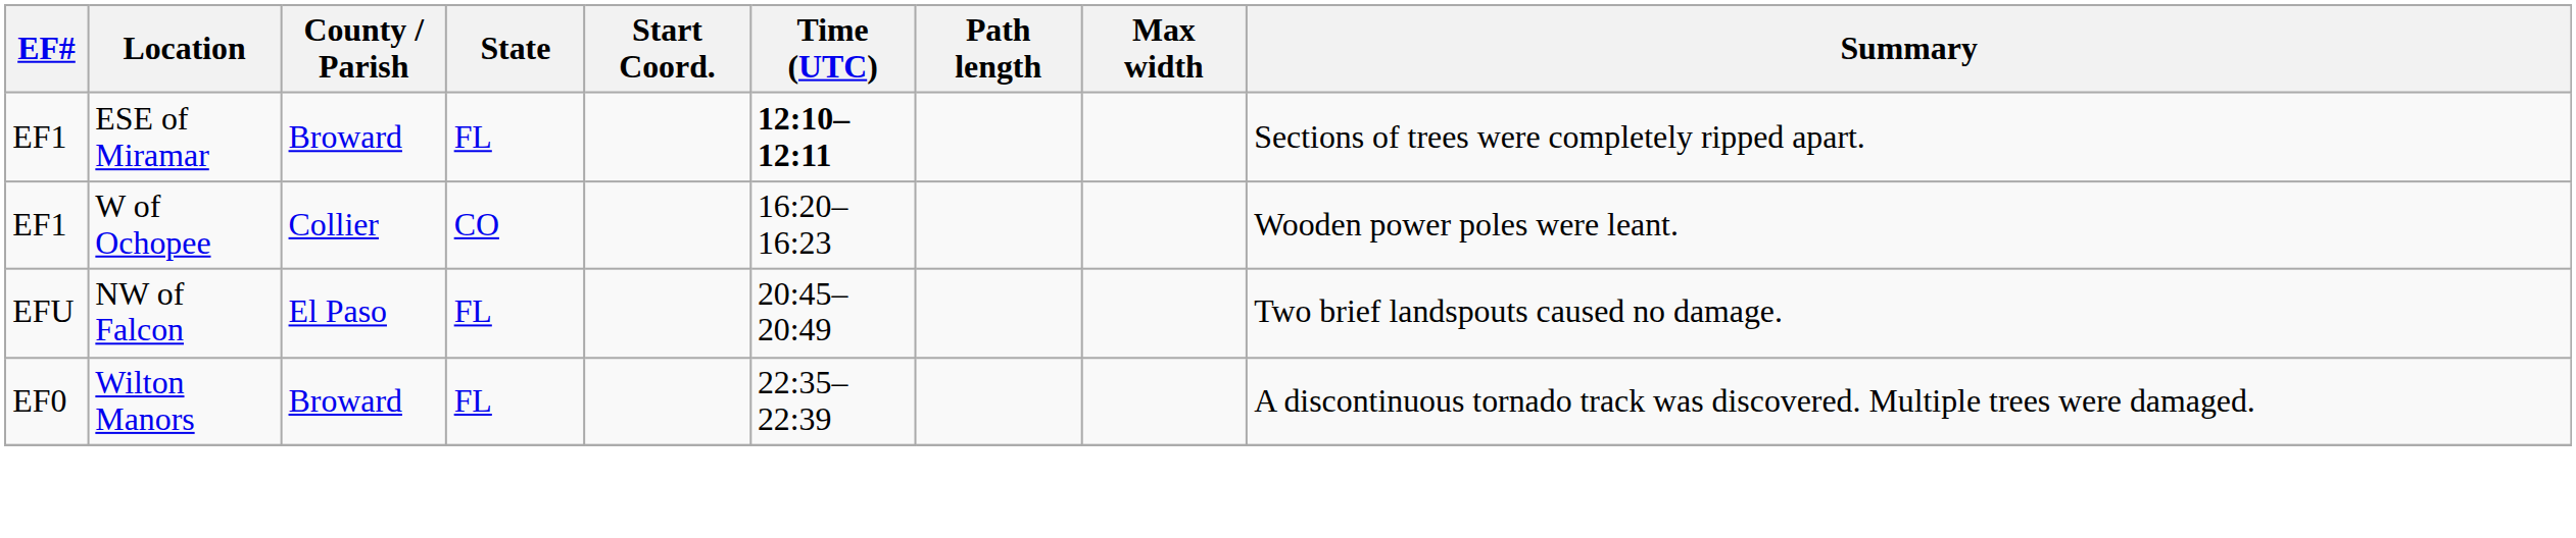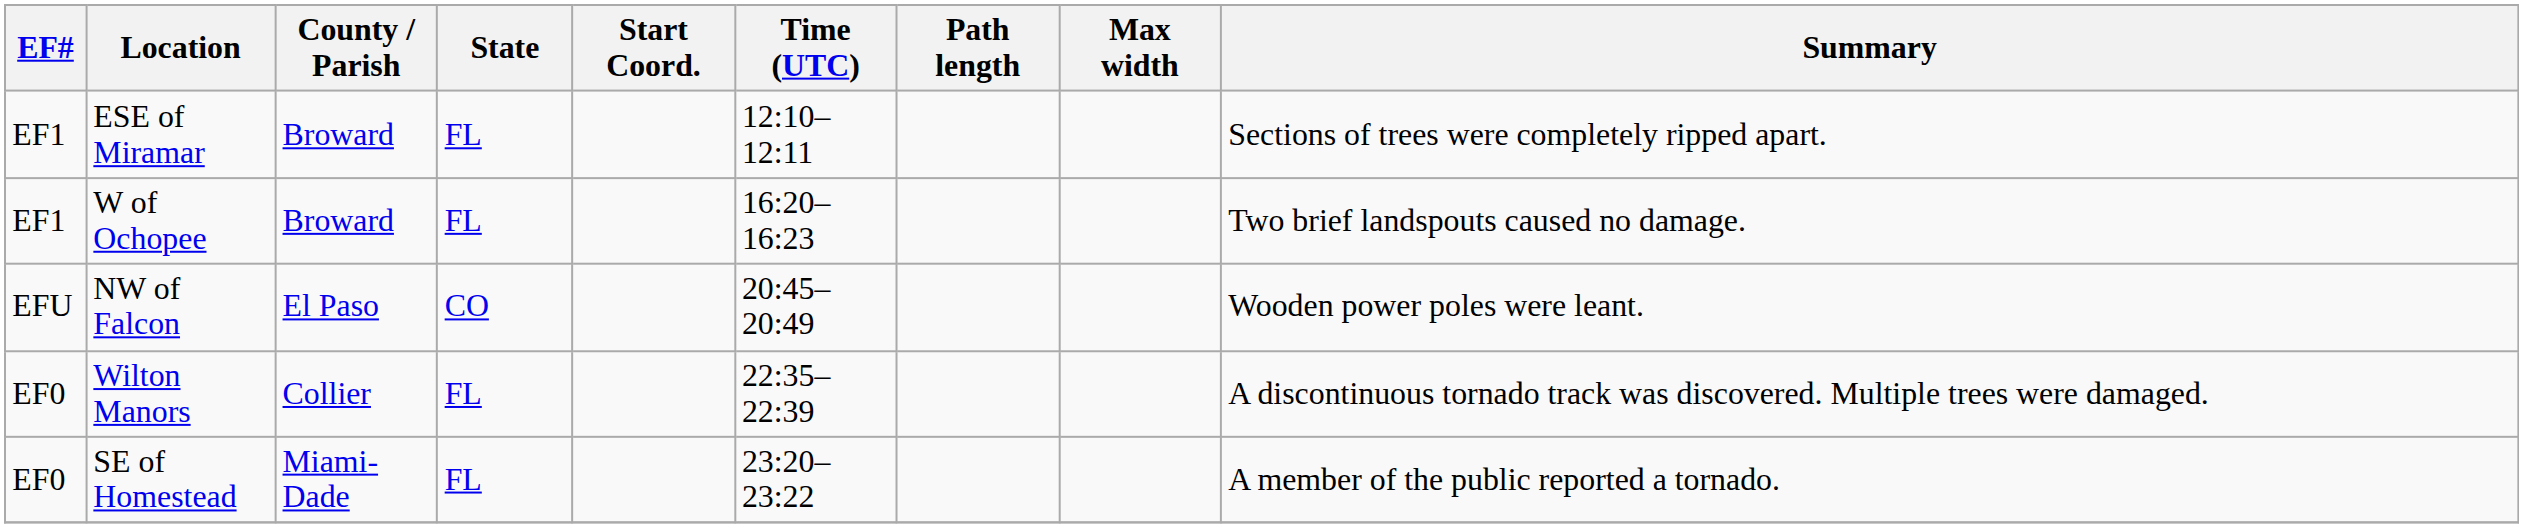 <table class="wikitable sortable" style="width:100%;">
 <tr>
 <th scope="col"  style="width:3%; text-align:center;"><a href='#'>EF#</a></th>
 <th scope="col"  style="width:7%; text-align:center;" class="unsortable">Location</th>
 <th scope="col"  style="width:6%; text-align:center;" class="unsortable">County / Parish</th>
 <th scope="col"  style="width:5%; text-align:center;">State</th>
 <th scope="col"  style="width:6%; text-align:center;">Start Coord.</th>
 <th scope="col"  style="width:6%; text-align:center;">Time (<a href='#'>UTC</a>)</th>
 <th scope="col"  style="width:6%; text-align:center;">Path length</th>
 <th scope="col"  style="width:6%; text-align:center;">Max width</th>
 <th scope="col" class="unsortable" style="width:48%; text-align:center;">Summary</th>
 </tr>
 <tr>
 <td>EF1</td>
 <td>ESE of <a href='#'>Miramar</a></td>
 <td><a href='#'>Broward</a></td>
 <td><a href='#'>FL</a></td>
 <td></td>
-<td><strong>12:10–12:11</strong></td>
+<td>12:10–12:11</td>
 <td></td>
 <td></td>
 <td>Sections of trees were completely ripped apart.</td>
 </tr>
 <tr>
 <td>EF1</td>
 <td>W of <a href='#'>Ochopee</a></td>
-<td><a href='#'>Collier</a></td>
+<td><a href='#'>Broward</a></td>
+<td><a href='#'>FL</a></td>
+<td></td>
+<td>16:20–16:23</td>
+<td></td>
+<td></td>
+<td>Two brief landspouts caused no damage.</td>
+</tr>
+<tr>
+<td>EFU</td>
+<td>NW of <a href='#'>Falcon</a></td>
+<td><a href='#'>El Paso</a></td>
 <td><a href='#'>CO</a></td>
 <td></td>
-<td>16:20–16:23</td>
+<td>20:45–20:49</td>
 <td></td>
 <td></td>
 <td>Wooden power poles were leant.</td>
 </tr>
 <tr>
-<td>EFU</td>
-<td>NW of <a href='#'>Falcon</a></td>
-<td><a href='#'>El Paso</a></td>
-<td><a href='#'>FL</a></td>
-<td></td>
-<td>20:45–20:49</td>
-<td></td>
-<td></td>
-<td>Two brief landspouts caused no damage.</td>
-</tr>
-<tr>
 <td>EF0</td>
 <td><a href='#'>Wilton Manors</a></td>
-<td><a href='#'>Broward</a></td>
+<td><a href='#'>Collier</a></td>
 <td><a href='#'>FL</a></td>
 <td></td>
 <td>22:35–22:39</td>
 <td></td>
 <td></td>
 <td>A discontinuous tornado track was discovered. Multiple trees were damaged.</td>
 </tr>
 <tr>
+<td>EF0</td>
+<td>SE of <a href='#'>Homestead</a></td>
+<td><a href='#'>Miami-Dade</a></td>
+<td><a href='#'>FL</a></td>
+<td></td>
+<td>23:20–23:22</td>
+<td></td>
+<td></td>
+<td>A member of the public reported a tornado.</td>
+</tr>
+<tr>
 </tr>
 </table>
